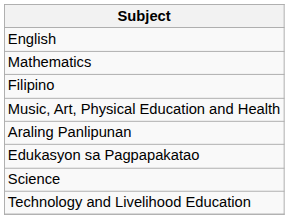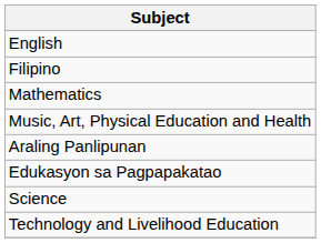 <table class="wikitable">
 <tr>
 <th>Subject</th>
 </tr>
 <tr>
 <td>English</td>
 </tr>
 <tr>
-<td>Mathematics</td>
+<td>Filipino</td>
 </tr>
 <tr>
-<td>Filipino</td>
+<td>Mathematics</td>
 </tr>
 <tr>
 <td>Music, Art, Physical Education and Health</td>
 </tr>
 <tr>
 <td>Araling Panlipunan</td>
 </tr>
 <tr>
 <td>Edukasyon sa Pagpapakatao</td>
 </tr>
 <tr>
 <td>Science</td>
 </tr>
 <tr>
 <td>Technology and Livelihood Education</td>
 </tr>
 <tr>
 </tr>
 </table>
